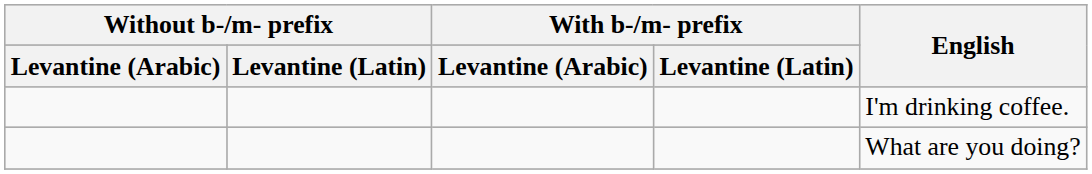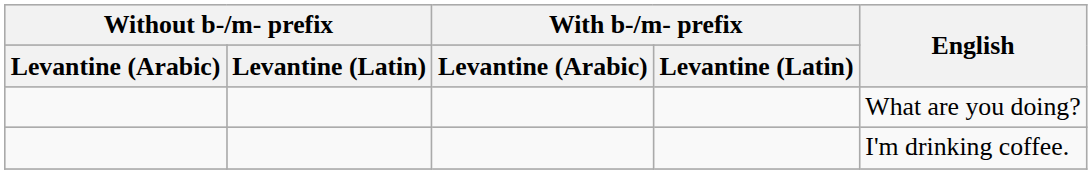 <table class="wikitable">
 <tr>
 <th colspan="2">Without b-/m- prefix</th>
 <th colspan="2">With b-/m- prefix</th>
 <th rowspan="2">English</th>
 </tr>
 <tr>
 <th>Levantine (Arabic)</th>
 <th>Levantine (Latin)</th>
 <th>Levantine (Arabic)</th>
 <th>Levantine (Latin)</th>
 </tr>
 <tr>
 <td style="text-align: right;"></td>
 <td></td>
 <td style="text-align: right;"></td>
 <td></td>
-<td>I'm drinking coffee.</td>
+<td>What are you doing?</td>
 </tr>
 <tr>
 <td style="text-align: right;"></td>
 <td></td>
 <td style="text-align: right;"></td>
 <td></td>
-<td>What are you doing?</td>
+<td>I'm drinking coffee.</td>
 </tr>
 </table>
